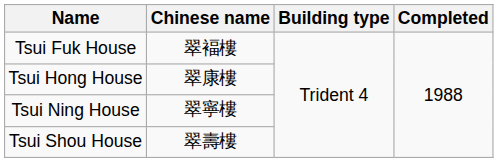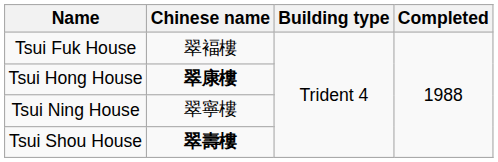 <table class="wikitable" style="text-align: center">
 <tr>
 <th>Name</th>
 <th>Chinese name</th>
 <th>Building type</th>
 <th>Completed</th>
 </tr>
 <tr>
 <td>Tsui Fuk House</td>
 <td>翠褔樓</td>
 <td rowspan="4">Trident 4</td>
 <td rowspan="4">1988</td>
 </tr>
 <tr>
 <td>Tsui Hong House</td>
-<td>翠康樓</td>
+<td><strong>翠康樓</strong></td>
 </tr>
 <tr>
 <td>Tsui Ning House</td>
 <td>翠寧樓</td>
 </tr>
 <tr>
 <td>Tsui Shou House</td>
-<td>翠壽樓</td>
+<td><strong>翠壽樓</strong></td>
 </tr>
 </table>
